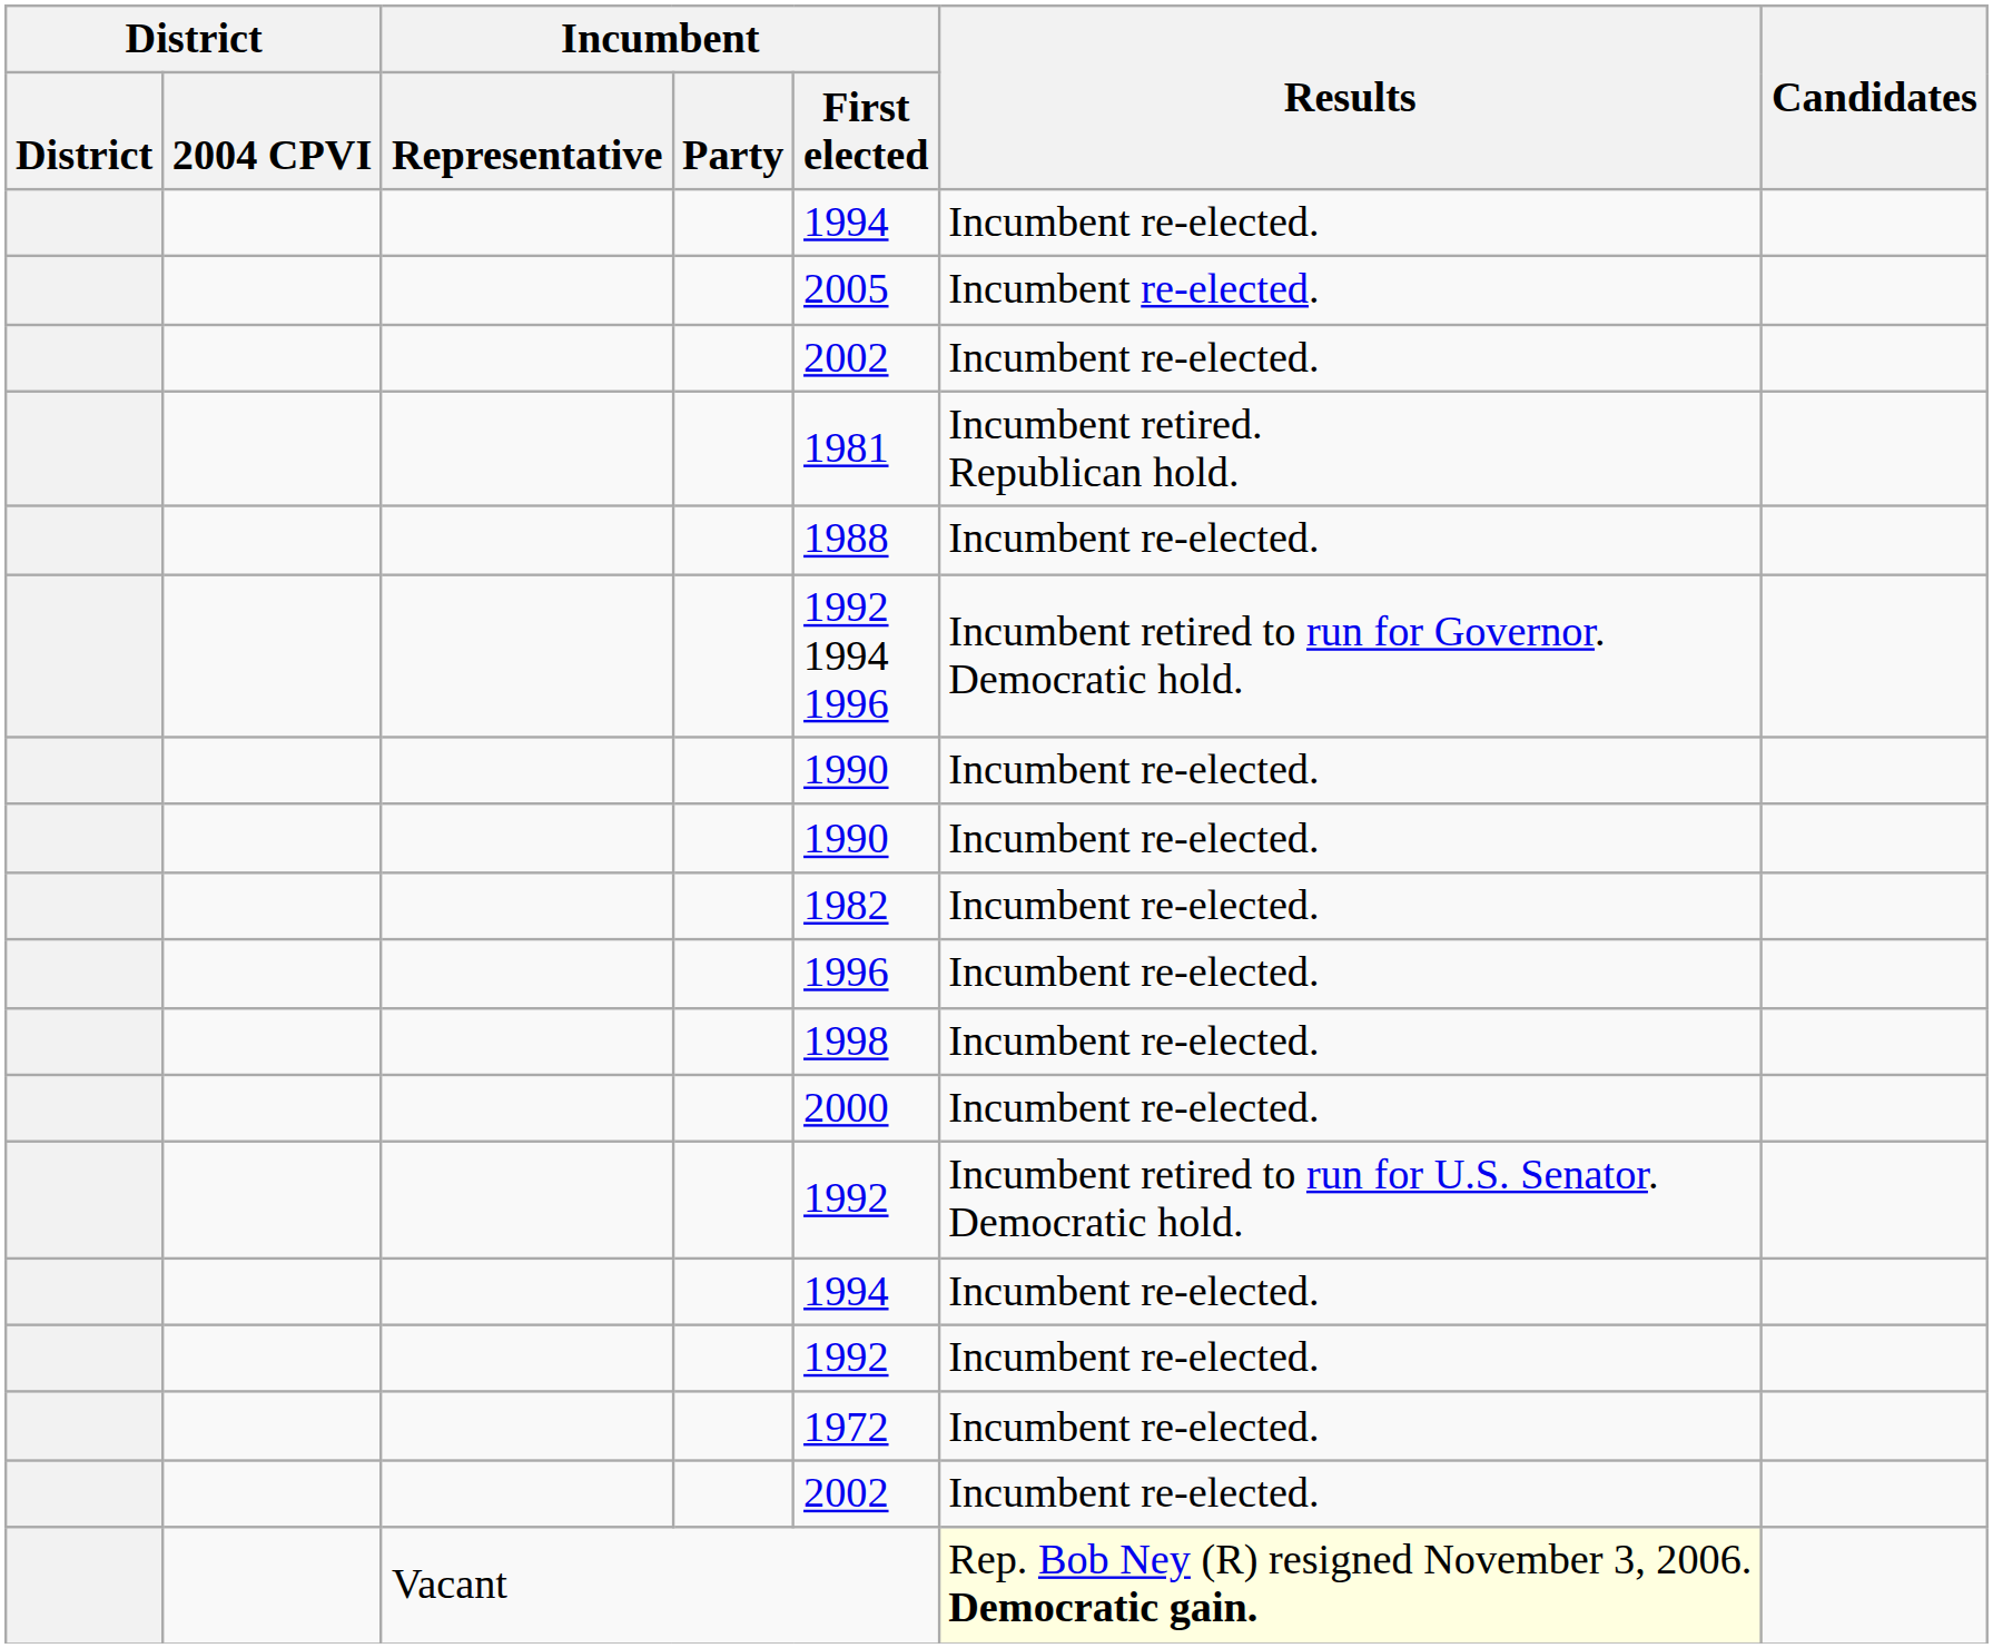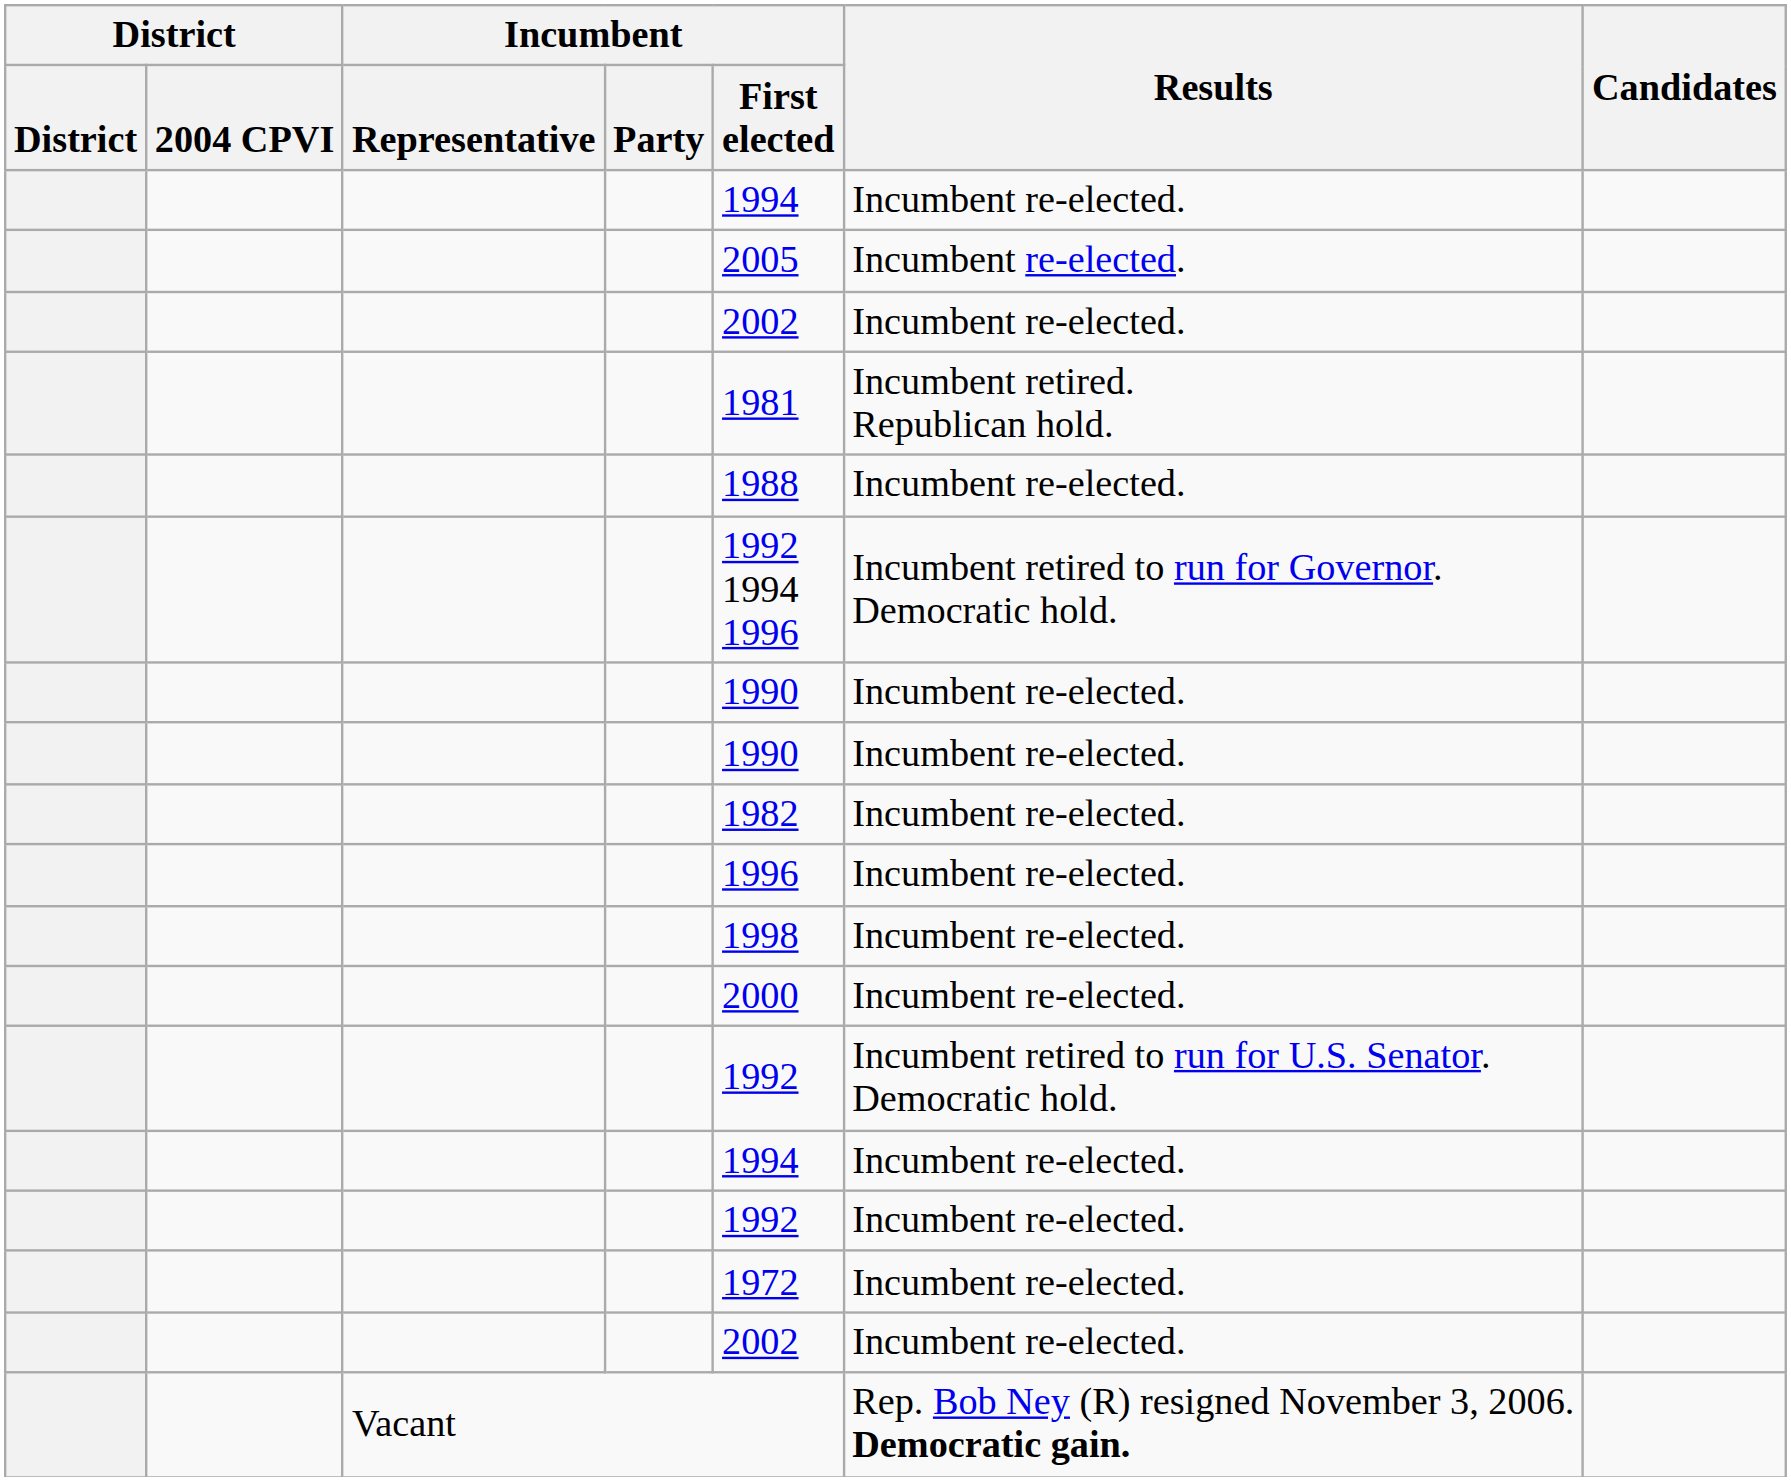 <table class="wikitable sortable">
 <tr>
 <th colspan=2>District</th>
 <th colspan=3>Incumbent</th>
 <th rowspan=2>Results</th>
 <th rowspan=2>Candidates</th>
 </tr>
 <tr valign=bottom>
 <th>District</th>
 <th>2004 CPVI</th>
 <th>Representative</th>
 <th>Party</th>
 <th>First<br>elected</th>
 </tr>
 <tr>
 <th></th>
 <td></td>
 <td></td>
 <td></td>
 <td><a href='#'>1994</a></td>
 <td>Incumbent re-elected.</td>
 <td nowrap></td>
 </tr>
 <tr>
 <th></th>
 <td></td>
 <td></td>
 <td></td>
 <td><a href='#'>2005 </a></td>
 <td>Incumbent <a href='#'>re-elected</a>.</td>
 <td nowrap></td>
 </tr>
 <tr>
 <th></th>
 <td></td>
 <td></td>
 <td></td>
 <td><a href='#'>2002</a></td>
 <td>Incumbent re-elected.</td>
 <td nowrap></td>
 </tr>
 <tr>
 <th></th>
 <td></td>
 <td></td>
 <td></td>
 <td><a href='#'>1981 </a></td>
 <td>Incumbent retired.<br>Republican hold.</td>
 <td nowrap></td>
 </tr>
 <tr>
 <th></th>
 <td></td>
 <td></td>
 <td></td>
 <td><a href='#'>1988</a></td>
 <td>Incumbent re-elected.</td>
 <td nowrap></td>
 </tr>
 <tr>
 <th></th>
 <td></td>
 <td></td>
 <td></td>
 <td><a href='#'>1992</a><br>1994 <br><a href='#'>1996</a></td>
 <td>Incumbent retired to <a href='#'>run for Governor</a>.<br>Democratic hold.</td>
 <td nowrap></td>
 </tr>
 <tr>
 <th></th>
 <td></td>
 <td></td>
 <td></td>
 <td><a href='#'>1990</a></td>
 <td>Incumbent re-elected.</td>
 <td nowrap></td>
 </tr>
 <tr>
 <th></th>
 <td></td>
 <td></td>
 <td></td>
 <td><a href='#'>1990</a></td>
 <td>Incumbent re-elected.</td>
 <td nowrap></td>
 </tr>
 <tr>
 <th></th>
 <td></td>
 <td></td>
 <td></td>
 <td><a href='#'>1982</a></td>
 <td>Incumbent re-elected.</td>
 <td nowrap></td>
 </tr>
 <tr>
 <th></th>
 <td></td>
 <td></td>
 <td></td>
 <td><a href='#'>1996</a></td>
 <td>Incumbent re-elected.</td>
 <td nowrap></td>
 </tr>
 <tr>
 <th></th>
 <td></td>
 <td></td>
 <td></td>
 <td><a href='#'>1998</a></td>
 <td>Incumbent re-elected.</td>
 <td nowrap></td>
 </tr>
 <tr>
 <th></th>
 <td></td>
 <td></td>
 <td></td>
 <td><a href='#'>2000</a></td>
 <td>Incumbent re-elected.</td>
 <td nowrap></td>
 </tr>
 <tr>
 <th></th>
 <td></td>
 <td></td>
 <td></td>
 <td><a href='#'>1992</a></td>
 <td>Incumbent retired to <a href='#'>run for U.S. Senator</a>.<br>Democratic hold.</td>
 <td nowrap></td>
 </tr>
 <tr>
 <th></th>
 <td></td>
 <td></td>
 <td></td>
 <td><a href='#'>1994</a></td>
 <td>Incumbent re-elected.</td>
 <td nowrap></td>
 </tr>
 <tr>
 <th></th>
 <td></td>
 <td></td>
 <td></td>
 <td><a href='#'>1992</a></td>
 <td>Incumbent re-elected.</td>
 <td nowrap></td>
 </tr>
 <tr>
 <th></th>
 <td></td>
 <td></td>
 <td></td>
 <td><a href='#'>1972</a></td>
 <td>Incumbent re-elected.</td>
 <td nowrap></td>
 </tr>
 <tr>
 <th></th>
 <td></td>
 <td></td>
 <td></td>
 <td><a href='#'>2002</a></td>
 <td>Incumbent re-elected.</td>
 <td nowrap></td>
 </tr>
 <tr>
 <th></th>
 <td></td>
 <td colspan=3>Vacant</td>
-<td style="background: lightyellow;">Rep. <a href='#'>Bob Ney</a> (R) resigned November 3, 2006.<br><strong>Democratic gain.</strong></td>
+<td>Rep. <a href='#'>Bob Ney</a> (R) resigned November 3, 2006.<br><strong>Democratic gain.</strong></td>
 <td nowrap></td>
 </tr>
 </table>
